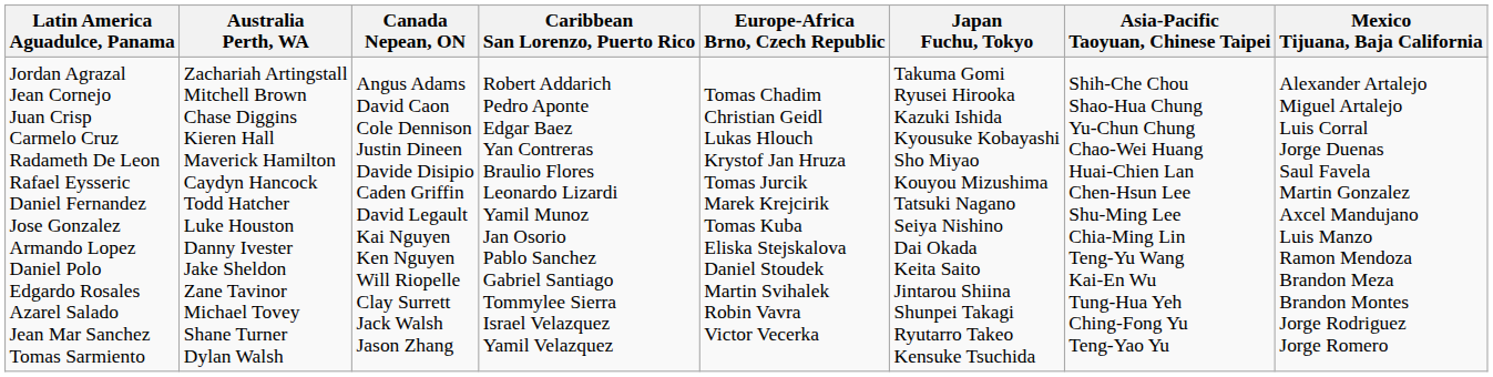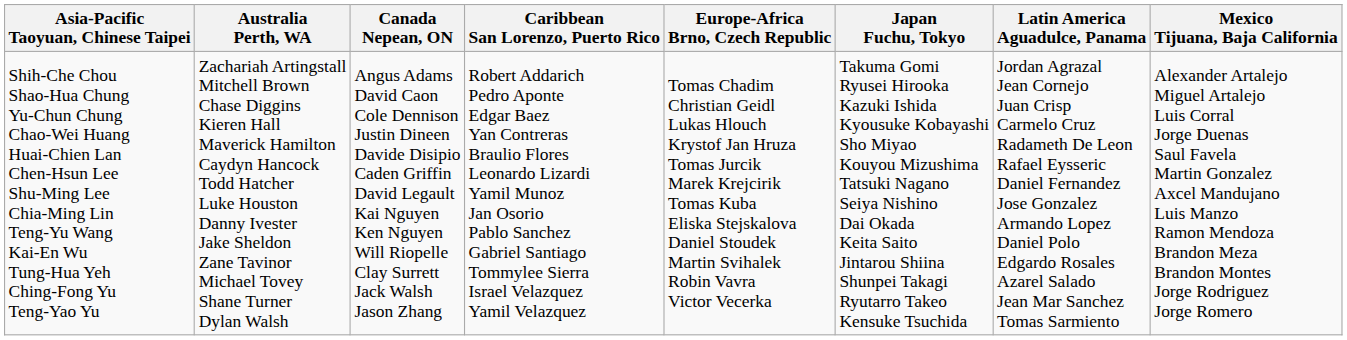 <table class="wikitable">
 <tr>
-<th>Latin America<br> Aguadulce, Panama</th>
+<th>Asia-Pacific<br> Taoyuan, Chinese Taipei</th>
 <th> Australia<br> Perth, WA</th>
 <th> Canada<br> Nepean, ON</th>
 <th>Caribbean<br> San Lorenzo, Puerto Rico</th>
 <th>Europe-Africa<br> Brno, Czech Republic</th>
 <th> Japan<br> Fuchu, Tokyo</th>
-<th>Asia-Pacific<br> Taoyuan, Chinese Taipei</th>
+<th>Latin America<br> Aguadulce, Panama</th>
 <th> Mexico<br> Tijuana, Baja California</th>
 </tr>
 <tr>
-<td>Jordan Agrazal<br>Jean Cornejo<br>Juan Crisp<br>Carmelo Cruz<br>Radameth De Leon<br>Rafael Eysseric<br>Daniel Fernandez<br>Jose Gonzalez<br>Armando Lopez<br>Daniel Polo<br>Edgardo Rosales<br>Azarel Salado<br>Jean Mar Sanchez<br>Tomas Sarmiento</td>
+<td>Shih-Che Chou<br>Shao-Hua Chung<br>Yu-Chun Chung<br>Chao-Wei Huang<br>Huai-Chien Lan<br>Chen-Hsun Lee<br>Shu-Ming Lee<br>Chia-Ming Lin<br>Teng-Yu Wang<br>Kai-En Wu<br>Tung-Hua Yeh<br>Ching-Fong Yu<br>Teng-Yao Yu</td>
 <td>Zachariah Artingstall<br>Mitchell Brown<br>Chase Diggins<br>Kieren Hall<br>Maverick Hamilton<br>Caydyn Hancock<br>Todd Hatcher<br>Luke Houston<br>Danny Ivester<br>Jake Sheldon<br>Zane Tavinor<br>Michael Tovey<br>Shane Turner<br>Dylan Walsh</td>
 <td>Angus Adams<br>David Caon<br>Cole Dennison<br>Justin Dineen<br>Davide Disipio<br>Caden Griffin<br>David Legault<br>Kai Nguyen<br>Ken Nguyen<br>Will Riopelle<br>Clay Surrett<br>Jack Walsh<br>Jason Zhang</td>
 <td>Robert Addarich<br>Pedro Aponte<br>Edgar Baez<br>Yan Contreras<br>Braulio Flores<br>Leonardo Lizardi<br>Yamil Munoz<br>Jan Osorio<br>Pablo Sanchez<br>Gabriel Santiago<br>Tommylee Sierra<br>Israel Velazquez<br>Yamil Velazquez</td>
 <td>Tomas Chadim<br>Christian Geidl<br>Lukas Hlouch<br>Krystof Jan Hruza<br>Tomas Jurcik<br>Marek Krejcirik<br>Tomas Kuba<br>Eliska Stejskalova<br>Daniel Stoudek<br>Martin Svihalek<br>Robin Vavra<br>Victor Vecerka</td>
 <td>Takuma Gomi<br>Ryusei Hirooka<br>Kazuki Ishida<br>Kyousuke Kobayashi<br>Sho Miyao<br>Kouyou Mizushima<br>Tatsuki Nagano<br>Seiya Nishino<br>Dai Okada<br>Keita Saito<br>Jintarou Shiina<br>Shunpei Takagi<br>Ryutarro Takeo<br>Kensuke Tsuchida</td>
-<td>Shih-Che Chou<br>Shao-Hua Chung<br>Yu-Chun Chung<br>Chao-Wei Huang<br>Huai-Chien Lan<br>Chen-Hsun Lee<br>Shu-Ming Lee<br>Chia-Ming Lin<br>Teng-Yu Wang<br>Kai-En Wu<br>Tung-Hua Yeh<br>Ching-Fong Yu<br>Teng-Yao Yu</td>
+<td>Jordan Agrazal<br>Jean Cornejo<br>Juan Crisp<br>Carmelo Cruz<br>Radameth De Leon<br>Rafael Eysseric<br>Daniel Fernandez<br>Jose Gonzalez<br>Armando Lopez<br>Daniel Polo<br>Edgardo Rosales<br>Azarel Salado<br>Jean Mar Sanchez<br>Tomas Sarmiento</td>
 <td>Alexander Artalejo<br>Miguel Artalejo<br>Luis Corral<br>Jorge Duenas<br>Saul Favela<br>Martin Gonzalez<br>Axcel Mandujano<br>Luis Manzo<br>Ramon Mendoza<br>Brandon Meza<br>Brandon Montes<br>Jorge Rodriguez<br>Jorge Romero</td>
 </tr>
 </table>
